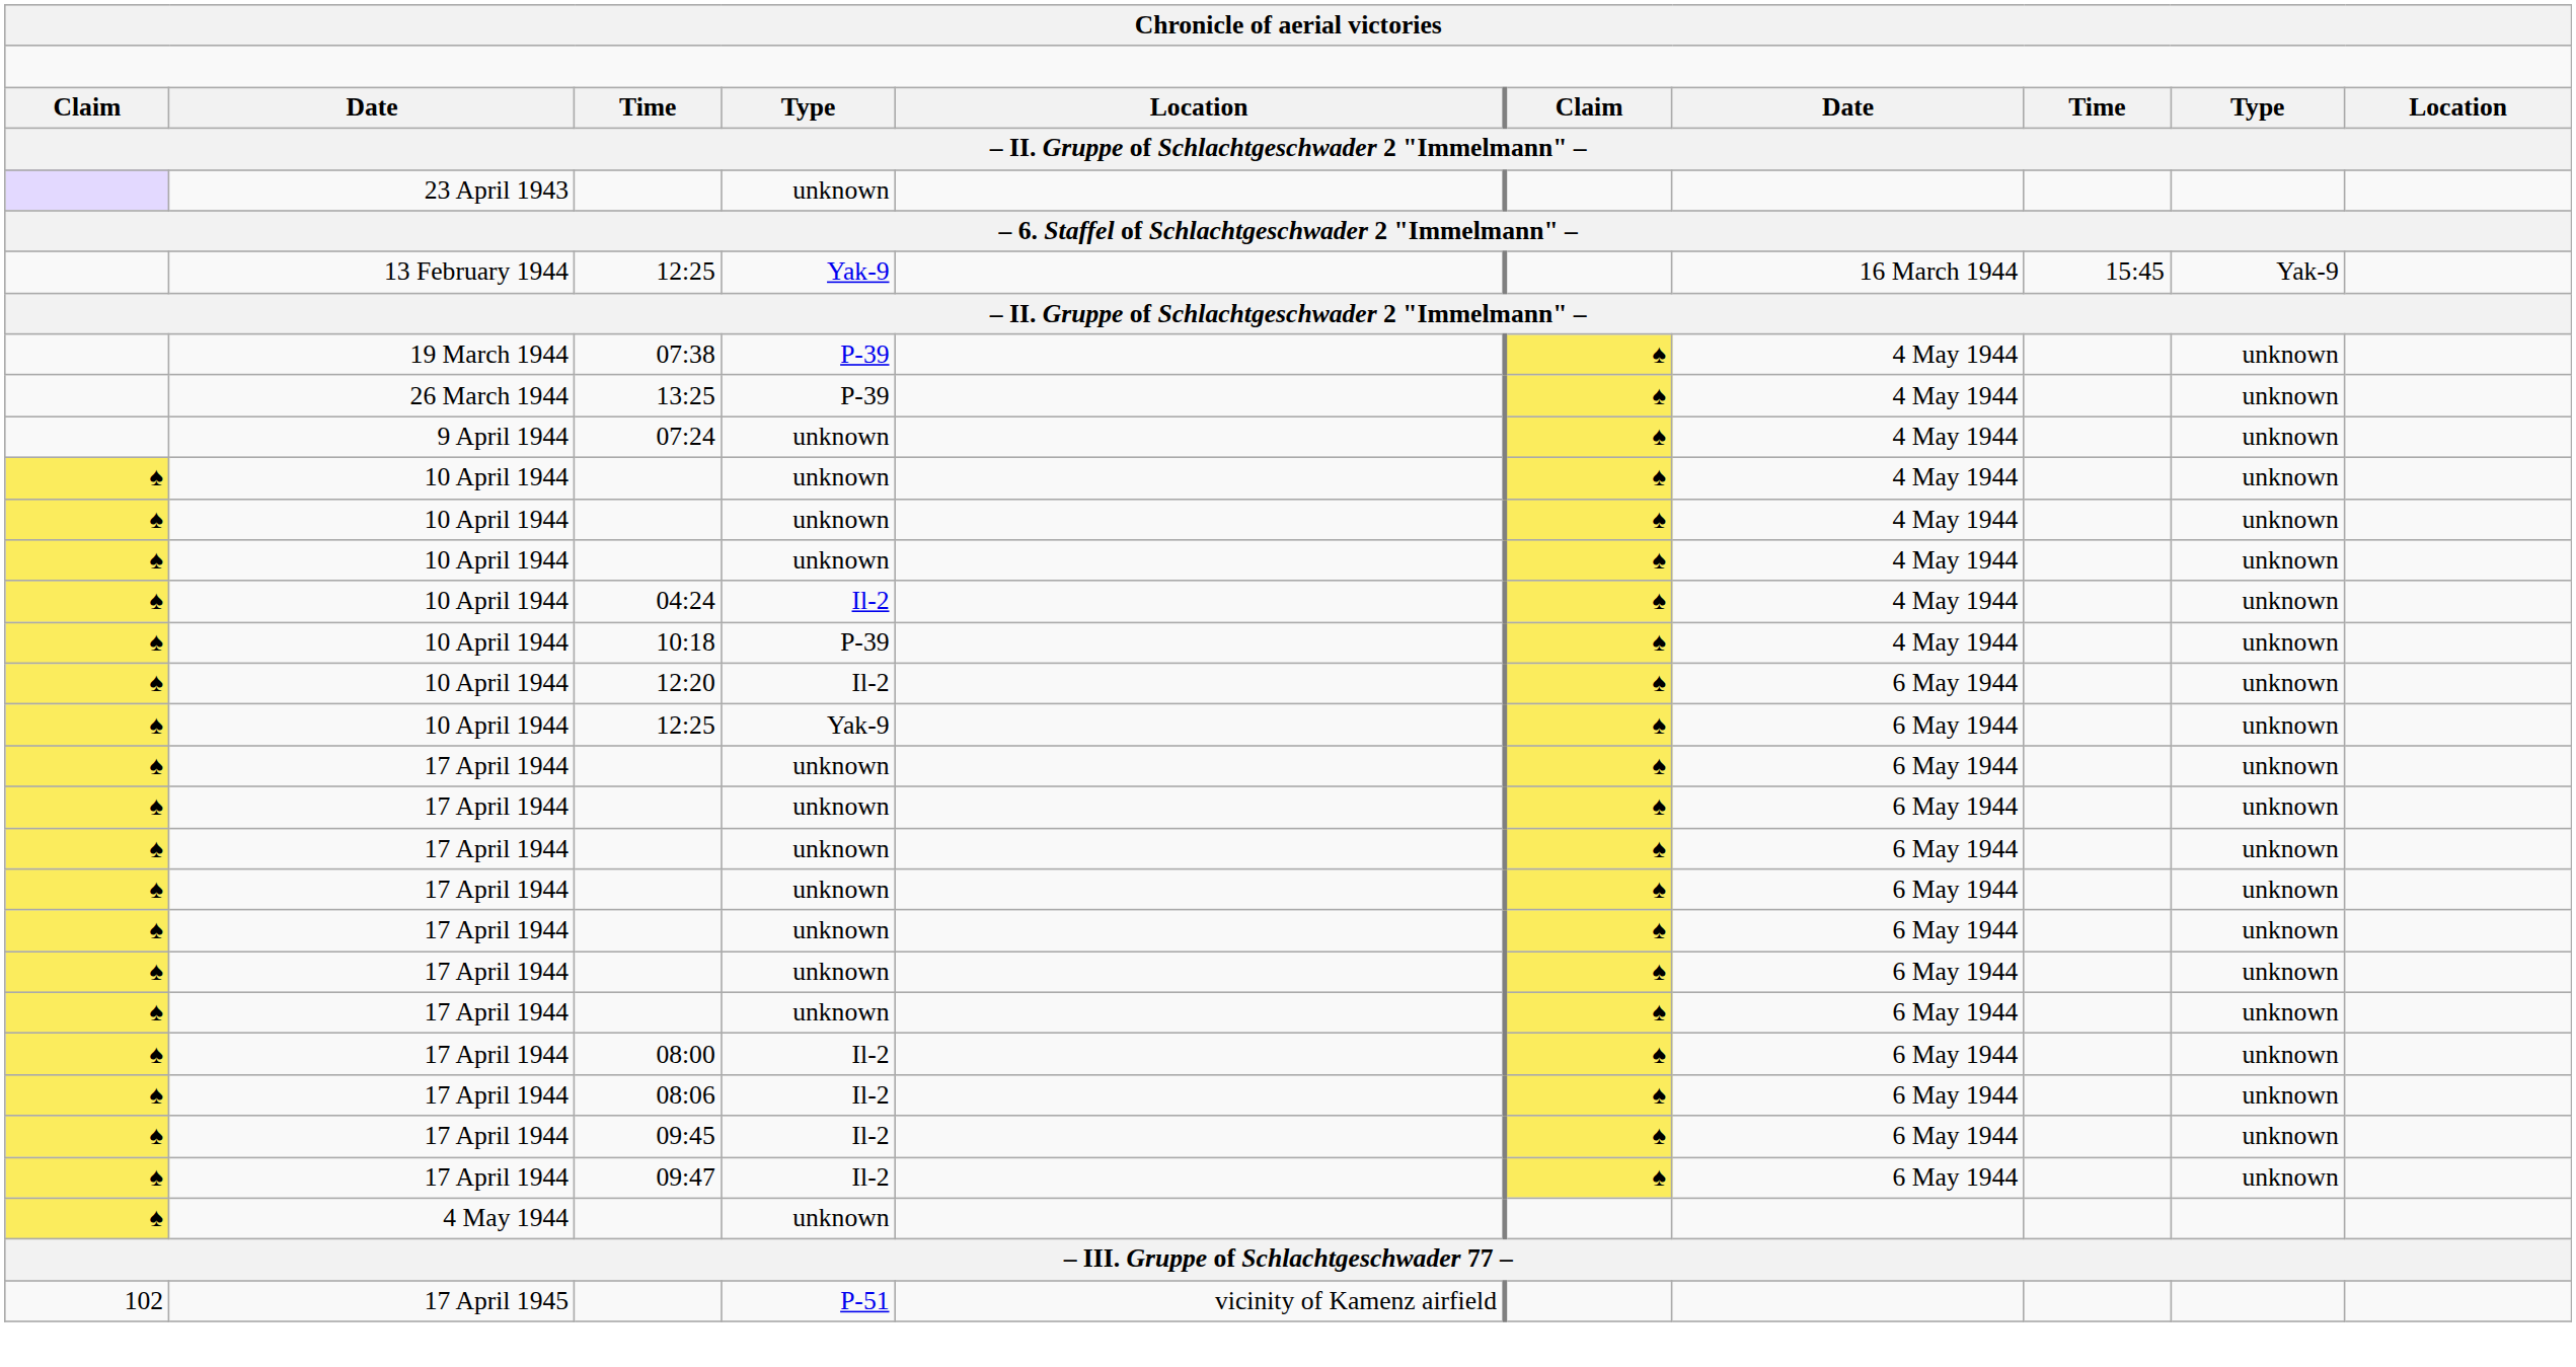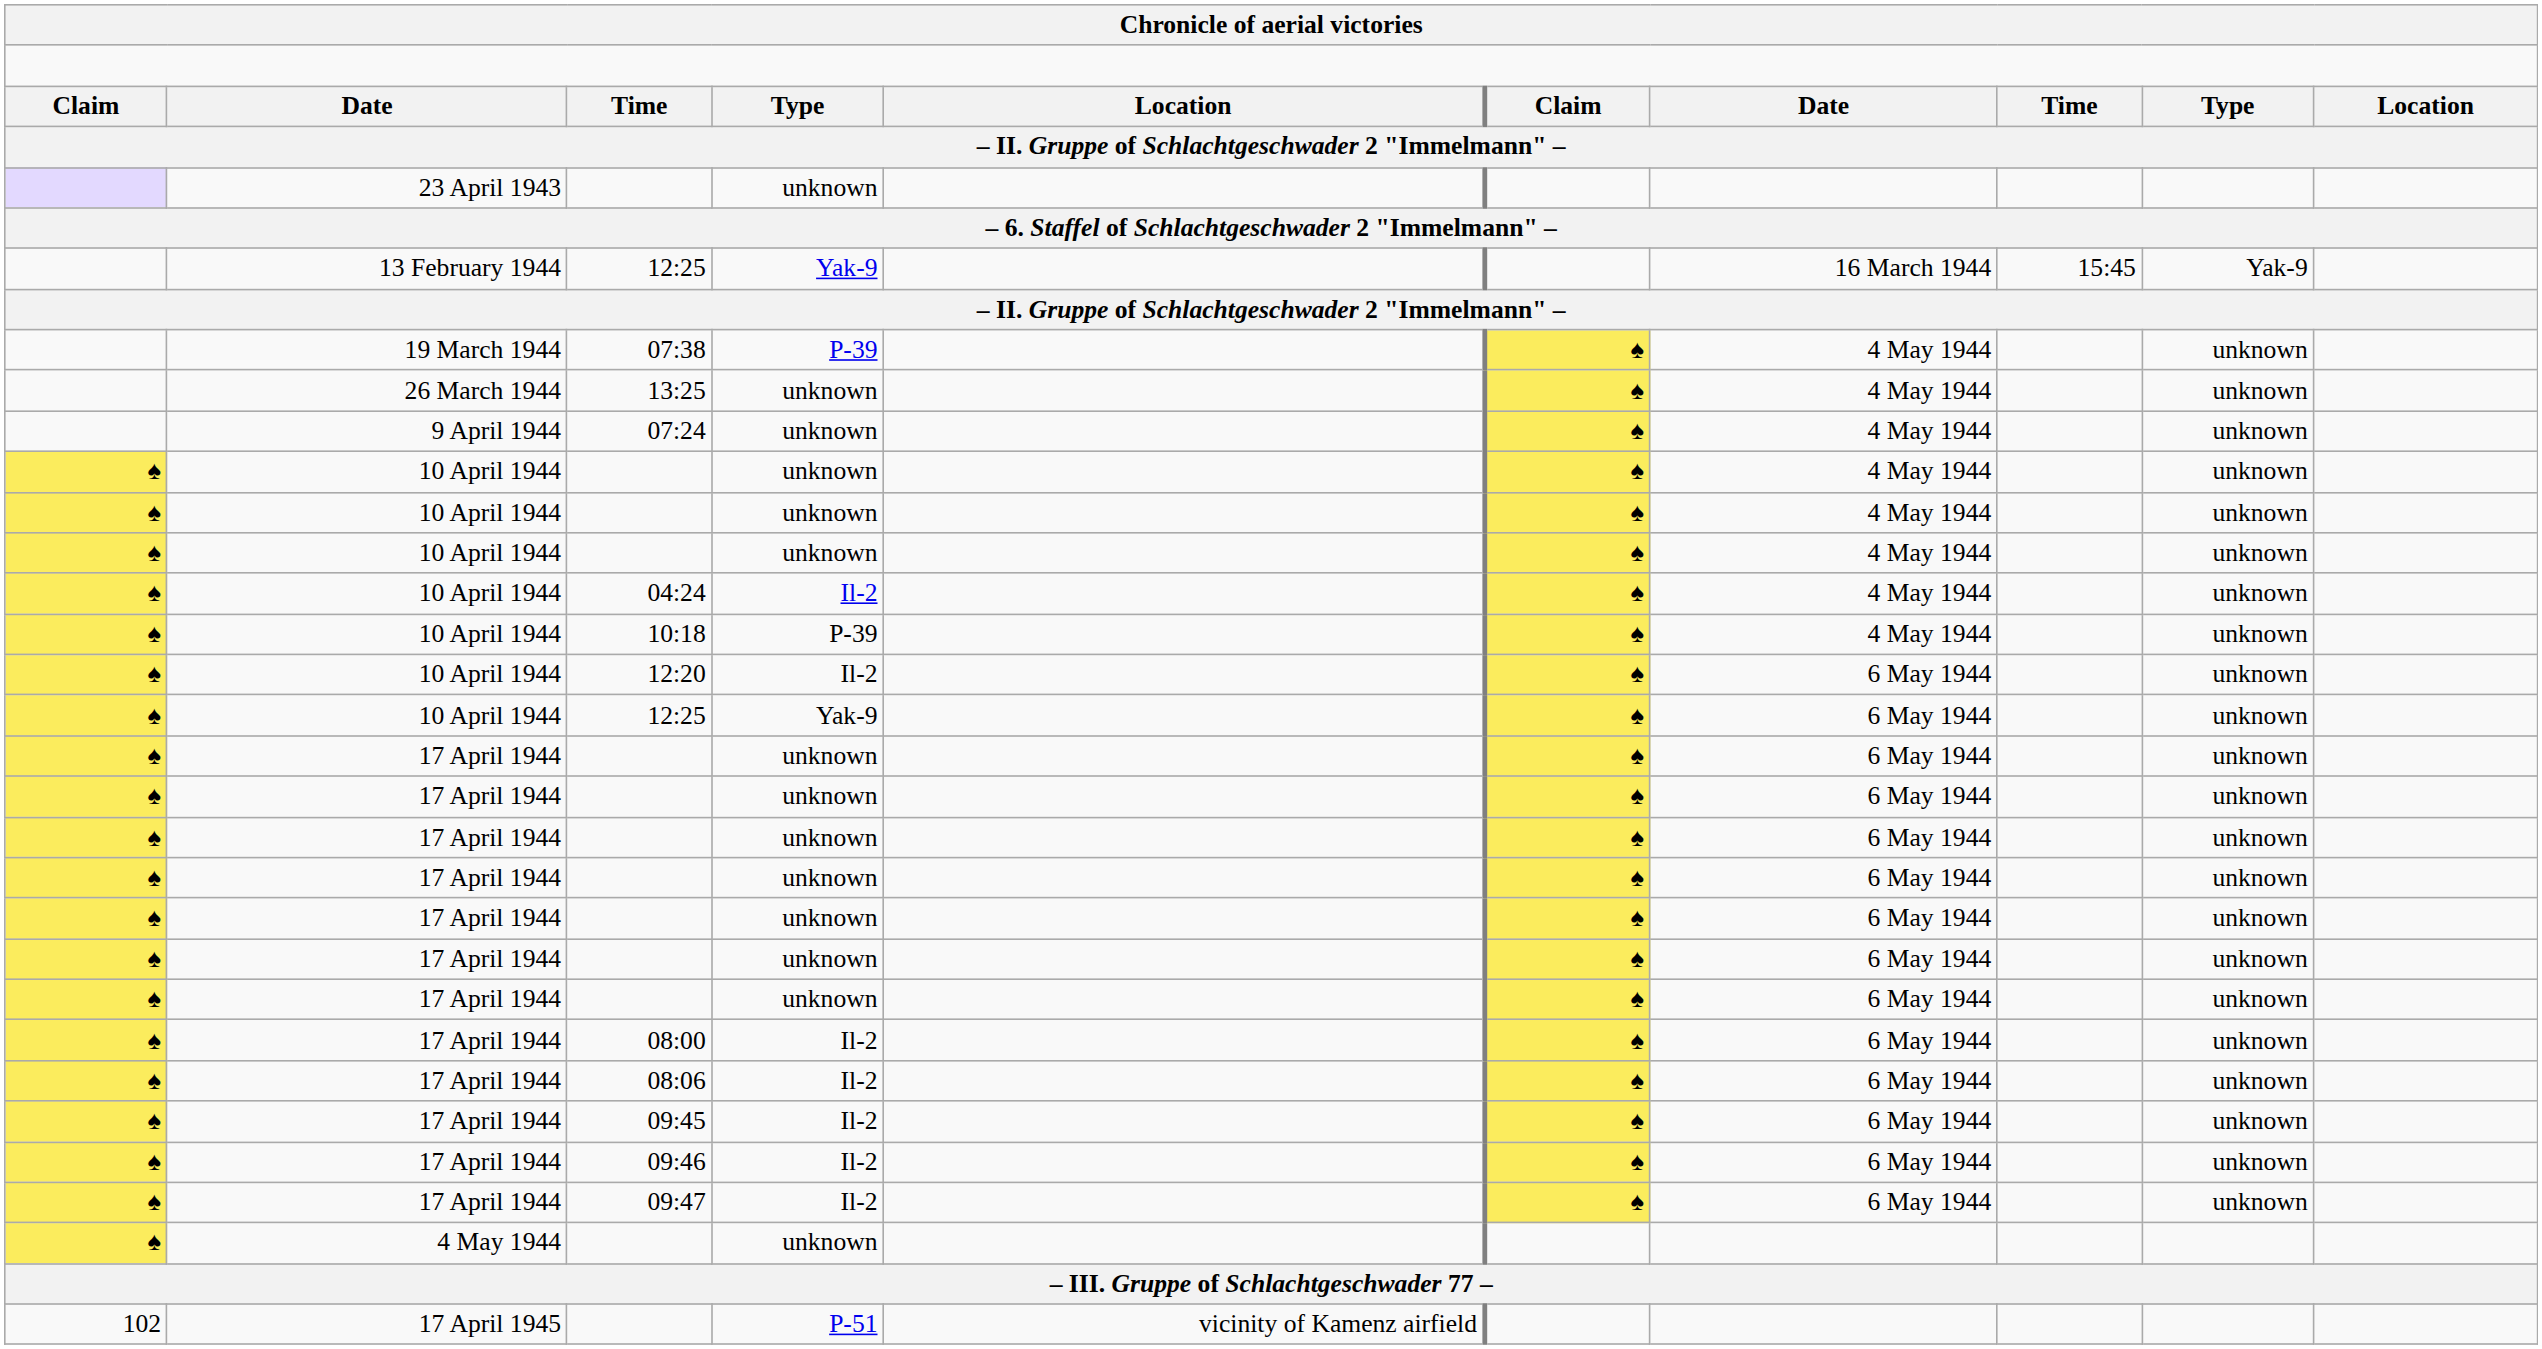 <table class="wikitable plainrowheaders collapsible" style="margin-left: auto; margin-right: auto; border: none; text-align:right; width: 100%;">
 <tr>
 <th colspan="10">Chronicle of aerial victories</th>
 </tr>
 <tr>
 <td colspan="10" style="text-align: left;"><br> </td>
 </tr>
 <tr>
 <th scope="col">Claim</th>
 <th scope="col">Date</th>
 <th scope="col">Time</th>
 <th scope="col" width="100px">Type</th>
 <th scope="col">Location</th>
 <th scope="col" style="border-left: 3px solid grey;">Claim</th>
 <th scope="col">Date</th>
 <th scope="col">Time</th>
 <th scope="col" width="100px">Type</th>
 <th scope="col">Location</th>
 </tr>
 <tr>
 <th colspan="10">– II. <em>Gruppe</em> of <em>Schlachtgeschwader</em> 2 "Immelmann" –</th>
 </tr>
 <tr>
 <td style="background:#e3d9ff;"></td>
 <td>23 April 1943</td>
 <td></td>
 <td>unknown</td>
 <td></td>
 <td style="border-left: 3px solid grey;"></td>
 <td></td>
 <td></td>
 <td></td>
 <td></td>
 </tr>
 <tr>
 <th colspan="10">– 6. <em>Staffel</em> of <em>Schlachtgeschwader</em> 2 "Immelmann" –</th>
 </tr>
 <tr>
 <td></td>
 <td>13 February 1944</td>
 <td>12:25</td>
 <td><a href='#'>Yak-9</a></td>
 <td></td>
 <td style="border-left: 3px solid grey;"></td>
 <td>16 March 1944</td>
 <td>15:45</td>
 <td>Yak-9</td>
 <td></td>
 </tr>
 <tr>
 <th colspan="10">– II. <em>Gruppe</em> of <em>Schlachtgeschwader</em> 2 "Immelmann" –</th>
 </tr>
 <tr>
 <td></td>
 <td>19 March 1944</td>
 <td>07:38</td>
 <td><a href='#'>P-39</a></td>
 <td></td>
 <td style="border-left: 3px solid grey; background:#fbec5d;">♠</td>
 <td>4 May 1944</td>
 <td></td>
 <td>unknown</td>
 <td></td>
 </tr>
 <tr>
 <td></td>
 <td>26 March 1944</td>
 <td>13:25</td>
-<td>P-39</td>
+<td>unknown</td>
 <td></td>
 <td style="border-left: 3px solid grey; background:#fbec5d;">♠</td>
 <td>4 May 1944</td>
 <td></td>
 <td>unknown</td>
 <td></td>
 </tr>
 <tr>
 <td></td>
 <td>9 April 1944</td>
 <td>07:24</td>
 <td>unknown</td>
 <td></td>
 <td style="border-left: 3px solid grey; background:#fbec5d;">♠</td>
 <td>4 May 1944</td>
 <td></td>
 <td>unknown</td>
 <td></td>
 </tr>
 <tr>
 <td style="background:#fbec5d;">♠</td>
 <td>10 April 1944</td>
 <td></td>
 <td>unknown</td>
 <td></td>
 <td style="border-left: 3px solid grey; background:#fbec5d;">♠</td>
 <td>4 May 1944</td>
 <td></td>
 <td>unknown</td>
 <td></td>
 </tr>
 <tr>
 <td style="background:#fbec5d;">♠</td>
 <td>10 April 1944</td>
 <td></td>
 <td>unknown</td>
 <td></td>
 <td style="border-left: 3px solid grey; background:#fbec5d;">♠</td>
 <td>4 May 1944</td>
 <td></td>
 <td>unknown</td>
 <td></td>
 </tr>
 <tr>
 <td style="background:#fbec5d;">♠</td>
 <td>10 April 1944</td>
 <td></td>
 <td>unknown</td>
 <td></td>
 <td style="border-left: 3px solid grey; background:#fbec5d;">♠</td>
 <td>4 May 1944</td>
 <td></td>
 <td>unknown</td>
 <td></td>
 </tr>
 <tr>
 <td style="background:#fbec5d;">♠</td>
 <td>10 April 1944</td>
 <td>04:24</td>
 <td><a href='#'>Il-2</a></td>
 <td></td>
 <td style="border-left: 3px solid grey; background:#fbec5d;">♠</td>
 <td>4 May 1944</td>
 <td></td>
 <td>unknown</td>
 <td></td>
 </tr>
 <tr>
 <td style="background:#fbec5d;">♠</td>
 <td>10 April 1944</td>
 <td>10:18</td>
 <td>P-39</td>
 <td></td>
 <td style="border-left: 3px solid grey; background:#fbec5d;">♠</td>
 <td>4 May 1944</td>
 <td></td>
 <td>unknown</td>
 <td></td>
 </tr>
 <tr>
 <td style="background:#fbec5d;">♠</td>
 <td>10 April 1944</td>
 <td>12:20</td>
 <td>Il-2</td>
 <td></td>
 <td style="border-left: 3px solid grey; background:#fbec5d;">♠</td>
 <td>6 May 1944</td>
 <td></td>
 <td>unknown</td>
 <td></td>
 </tr>
 <tr>
 <td style="background:#fbec5d;">♠</td>
 <td>10 April 1944</td>
 <td>12:25</td>
 <td>Yak-9</td>
 <td></td>
 <td style="border-left: 3px solid grey; background:#fbec5d;">♠</td>
 <td>6 May 1944</td>
 <td></td>
 <td>unknown</td>
 <td></td>
 </tr>
 <tr>
 <td style="background:#fbec5d;">♠</td>
 <td>17 April 1944</td>
 <td></td>
 <td>unknown</td>
 <td></td>
 <td style="border-left: 3px solid grey; background:#fbec5d;">♠</td>
 <td>6 May 1944</td>
 <td></td>
 <td>unknown</td>
 <td></td>
 </tr>
 <tr>
 <td style="background:#fbec5d;">♠</td>
 <td>17 April 1944</td>
 <td></td>
 <td>unknown</td>
 <td></td>
 <td style="border-left: 3px solid grey; background:#fbec5d;">♠</td>
 <td>6 May 1944</td>
 <td></td>
 <td>unknown</td>
 <td></td>
 </tr>
 <tr>
 <td style="background:#fbec5d;">♠</td>
 <td>17 April 1944</td>
 <td></td>
 <td>unknown</td>
 <td></td>
 <td style="border-left: 3px solid grey; background:#fbec5d;">♠</td>
 <td>6 May 1944</td>
 <td></td>
 <td>unknown</td>
 <td></td>
 </tr>
 <tr>
 <td style="background:#fbec5d;">♠</td>
 <td>17 April 1944</td>
 <td></td>
 <td>unknown</td>
 <td></td>
 <td style="border-left: 3px solid grey; background:#fbec5d;">♠</td>
 <td>6 May 1944</td>
 <td></td>
 <td>unknown</td>
 <td></td>
 </tr>
 <tr>
 <td style="background:#fbec5d;">♠</td>
 <td>17 April 1944</td>
 <td></td>
 <td>unknown</td>
 <td></td>
 <td style="border-left: 3px solid grey; background:#fbec5d;">♠</td>
 <td>6 May 1944</td>
 <td></td>
 <td>unknown</td>
 <td></td>
 </tr>
 <tr>
 <td style="background:#fbec5d;">♠</td>
 <td>17 April 1944</td>
 <td></td>
 <td>unknown</td>
 <td></td>
 <td style="border-left: 3px solid grey; background:#fbec5d;">♠</td>
 <td>6 May 1944</td>
 <td></td>
 <td>unknown</td>
 <td></td>
 </tr>
 <tr>
 <td style="background:#fbec5d;">♠</td>
 <td>17 April 1944</td>
 <td></td>
 <td>unknown</td>
 <td></td>
 <td style="border-left: 3px solid grey; background:#fbec5d;">♠</td>
 <td>6 May 1944</td>
 <td></td>
 <td>unknown</td>
 <td></td>
 </tr>
 <tr>
 <td style="background:#fbec5d;">♠</td>
 <td>17 April 1944</td>
 <td>08:00</td>
 <td>Il-2</td>
 <td></td>
 <td style="border-left: 3px solid grey; background:#fbec5d;">♠</td>
 <td>6 May 1944</td>
 <td></td>
 <td>unknown</td>
 <td></td>
 </tr>
 <tr>
 <td style="background:#fbec5d;">♠</td>
 <td>17 April 1944</td>
 <td>08:06</td>
 <td>Il-2</td>
 <td></td>
 <td style="border-left: 3px solid grey; background:#fbec5d;">♠</td>
 <td>6 May 1944</td>
 <td></td>
 <td>unknown</td>
 <td></td>
 </tr>
 <tr>
 <td style="background:#fbec5d;">♠</td>
 <td>17 April 1944</td>
 <td>09:45</td>
 <td>Il-2</td>
 <td></td>
 <td style="border-left: 3px solid grey; background:#fbec5d;">♠</td>
 <td>6 May 1944</td>
 <td></td>
 <td>unknown</td>
 <td></td>
 </tr>
 <tr>
 <td style="background:#fbec5d;">♠</td>
 <td>17 April 1944</td>
+<td>09:46</td>
+<td>Il-2</td>
+<td></td>
+<td style="border-left: 3px solid grey; background:#fbec5d;">♠</td>
+<td>6 May 1944</td>
+<td></td>
+<td>unknown</td>
+<td></td>
+</tr>
+<tr>
+<td style="background:#fbec5d;">♠</td>
+<td>17 April 1944</td>
 <td>09:47</td>
 <td>Il-2</td>
 <td></td>
 <td style="border-left: 3px solid grey; background:#fbec5d;">♠</td>
 <td>6 May 1944</td>
 <td></td>
 <td>unknown</td>
 <td></td>
 </tr>
 <tr>
 <td style="background:#fbec5d;">♠</td>
 <td>4 May 1944</td>
 <td></td>
 <td>unknown</td>
 <td></td>
 <td style="border-left: 3px solid grey;"></td>
 <td></td>
 <td></td>
 <td></td>
 <td></td>
 </tr>
 <tr>
 <th colspan="10">– III. <em>Gruppe</em> of <em>Schlachtgeschwader</em> 77 –</th>
 </tr>
 <tr>
 <td>102</td>
 <td>17 April 1945</td>
 <td></td>
 <td><a href='#'>P-51</a></td>
 <td>vicinity of Kamenz airfield</td>
 <td style="border-left: 3px solid grey;"></td>
 <td></td>
 <td></td>
 <td></td>
 <td></td>
 </tr>
 </table>
